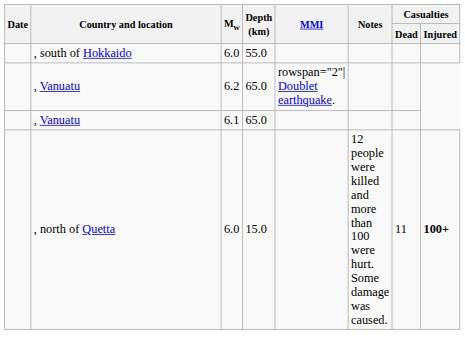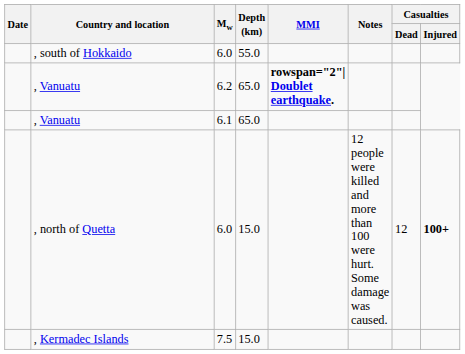 <table class="wikitable sortable sort-under" style="border:1px black; margin-left:1em;">
 <tr>
 <th rowspan="2"><small>Date</small></th>
 <th rowspan="2" style="width: 310px"><small>Country and location</small></th>
 <th rowspan="2"><small>M<sub>w</sub></small></th>
 <th rowspan="2"><small>Depth (km)</small></th>
 <th rowspan="2"><small><a href='#'>MMI</a></small></th>
 <th rowspan="2" class="unsortable"><small>Notes</small></th>
 <th colspan="2"><small>Casualties</small></th>
 </tr>
 <tr>
 <th><small>Dead</small></th>
 <th><small>Injured</small></th>
 </tr>
 <tr>
 <td></td>
 <td>, south of <a href='#'>Hokkaido</a></td>
 <td>6.0</td>
 <td>55.0</td>
 <td></td>
 <td></td>
 <td></td>
 <td></td>
 </tr>
 <tr>
 <td></td>
 <td>, <a href='#'>Vanuatu</a></td>
 <td>6.2</td>
 <td>65.0</td>
-<td>rowspan="2"| <a href='#'>Doublet earthquake</a>.</td>
+<td><strong>rowspan="2"| <a href='#'>Doublet earthquake</a>.</strong></td>
 <td></td>
 <td></td>
 </tr>
 <tr>
 <td></td>
 <td>, <a href='#'>Vanuatu</a></td>
 <td>6.1</td>
 <td>65.0</td>
 <td></td>
 <td></td>
 <td></td>
 </tr>
 <tr>
 <td></td>
 <td>, north of <a href='#'>Quetta</a></td>
 <td>6.0</td>
 <td>15.0</td>
 <td></td>
 <td>12 people were killed and more than 100 were hurt. Some damage was caused.</td>
-<td>11</td>
+<td>12</td>
 <td><strong>100+</strong></td>
 </tr>
+<tr>
+<td></td>
+<td>, <a href='#'>Kermadec Islands</a></td>
+<td>7.5</td>
+<td>15.0</td>
+<td></td>
+<td></td>
+<td></td>
+<td></td>
+</tr>
 </table>
